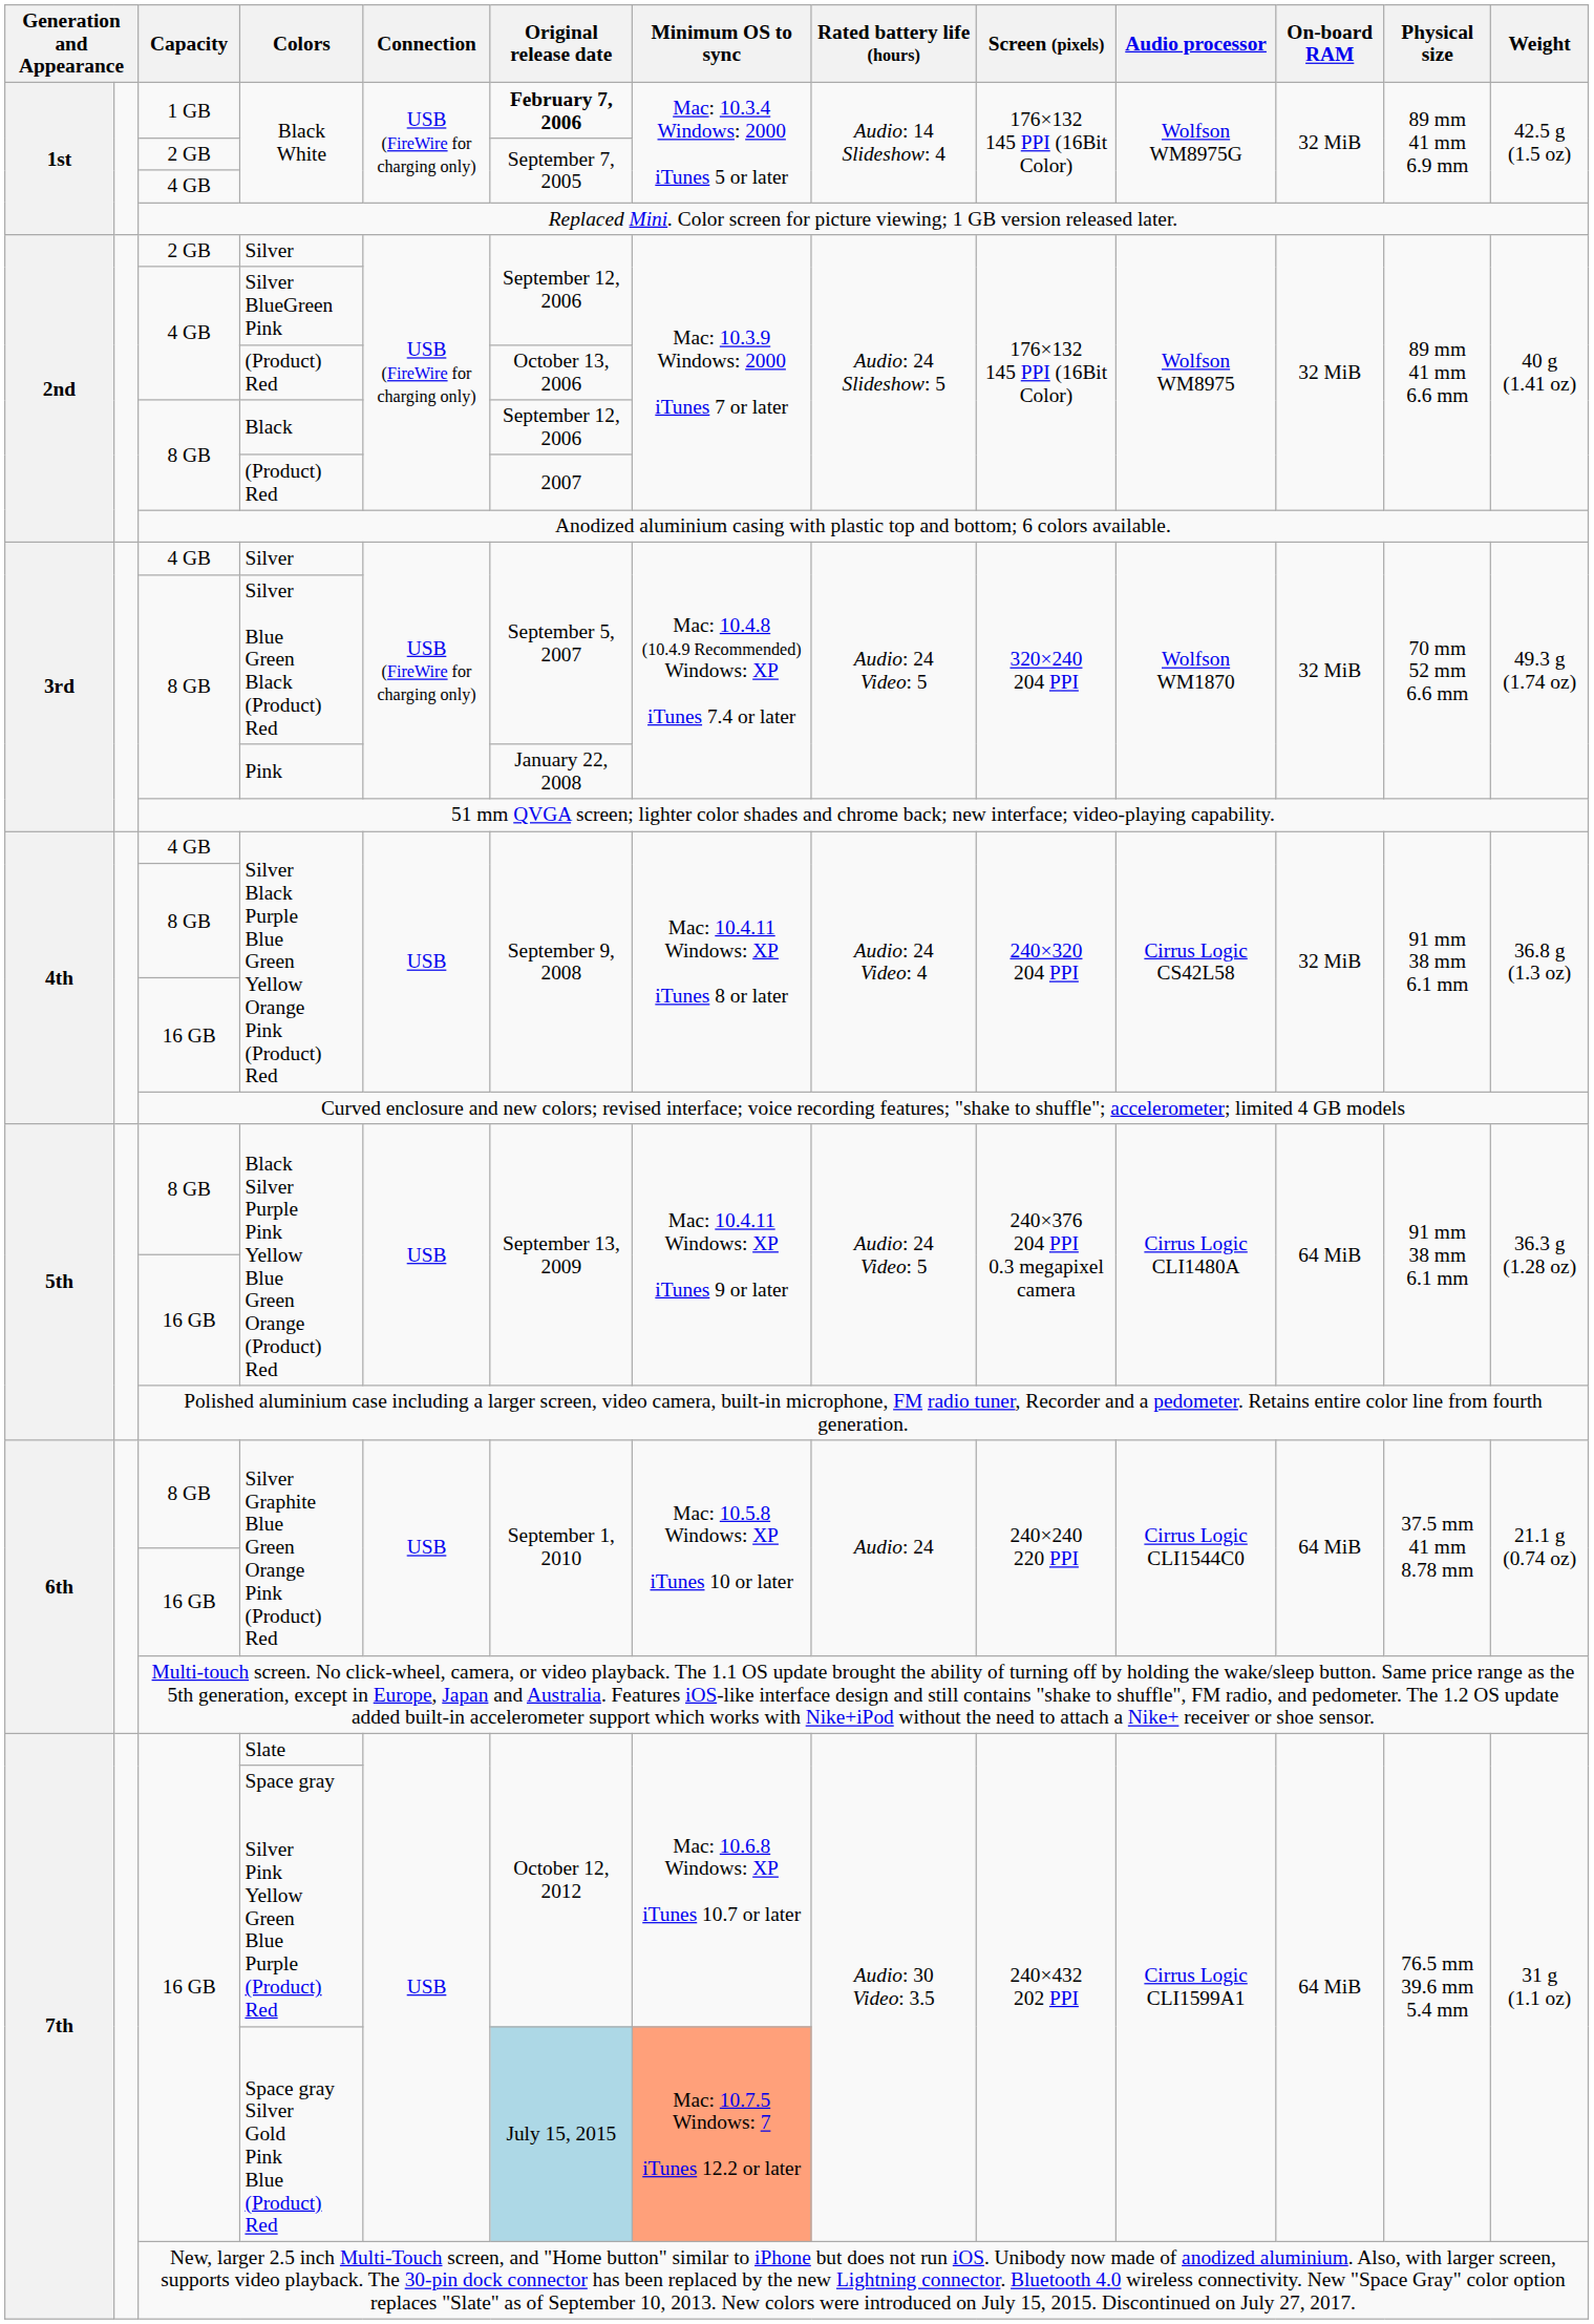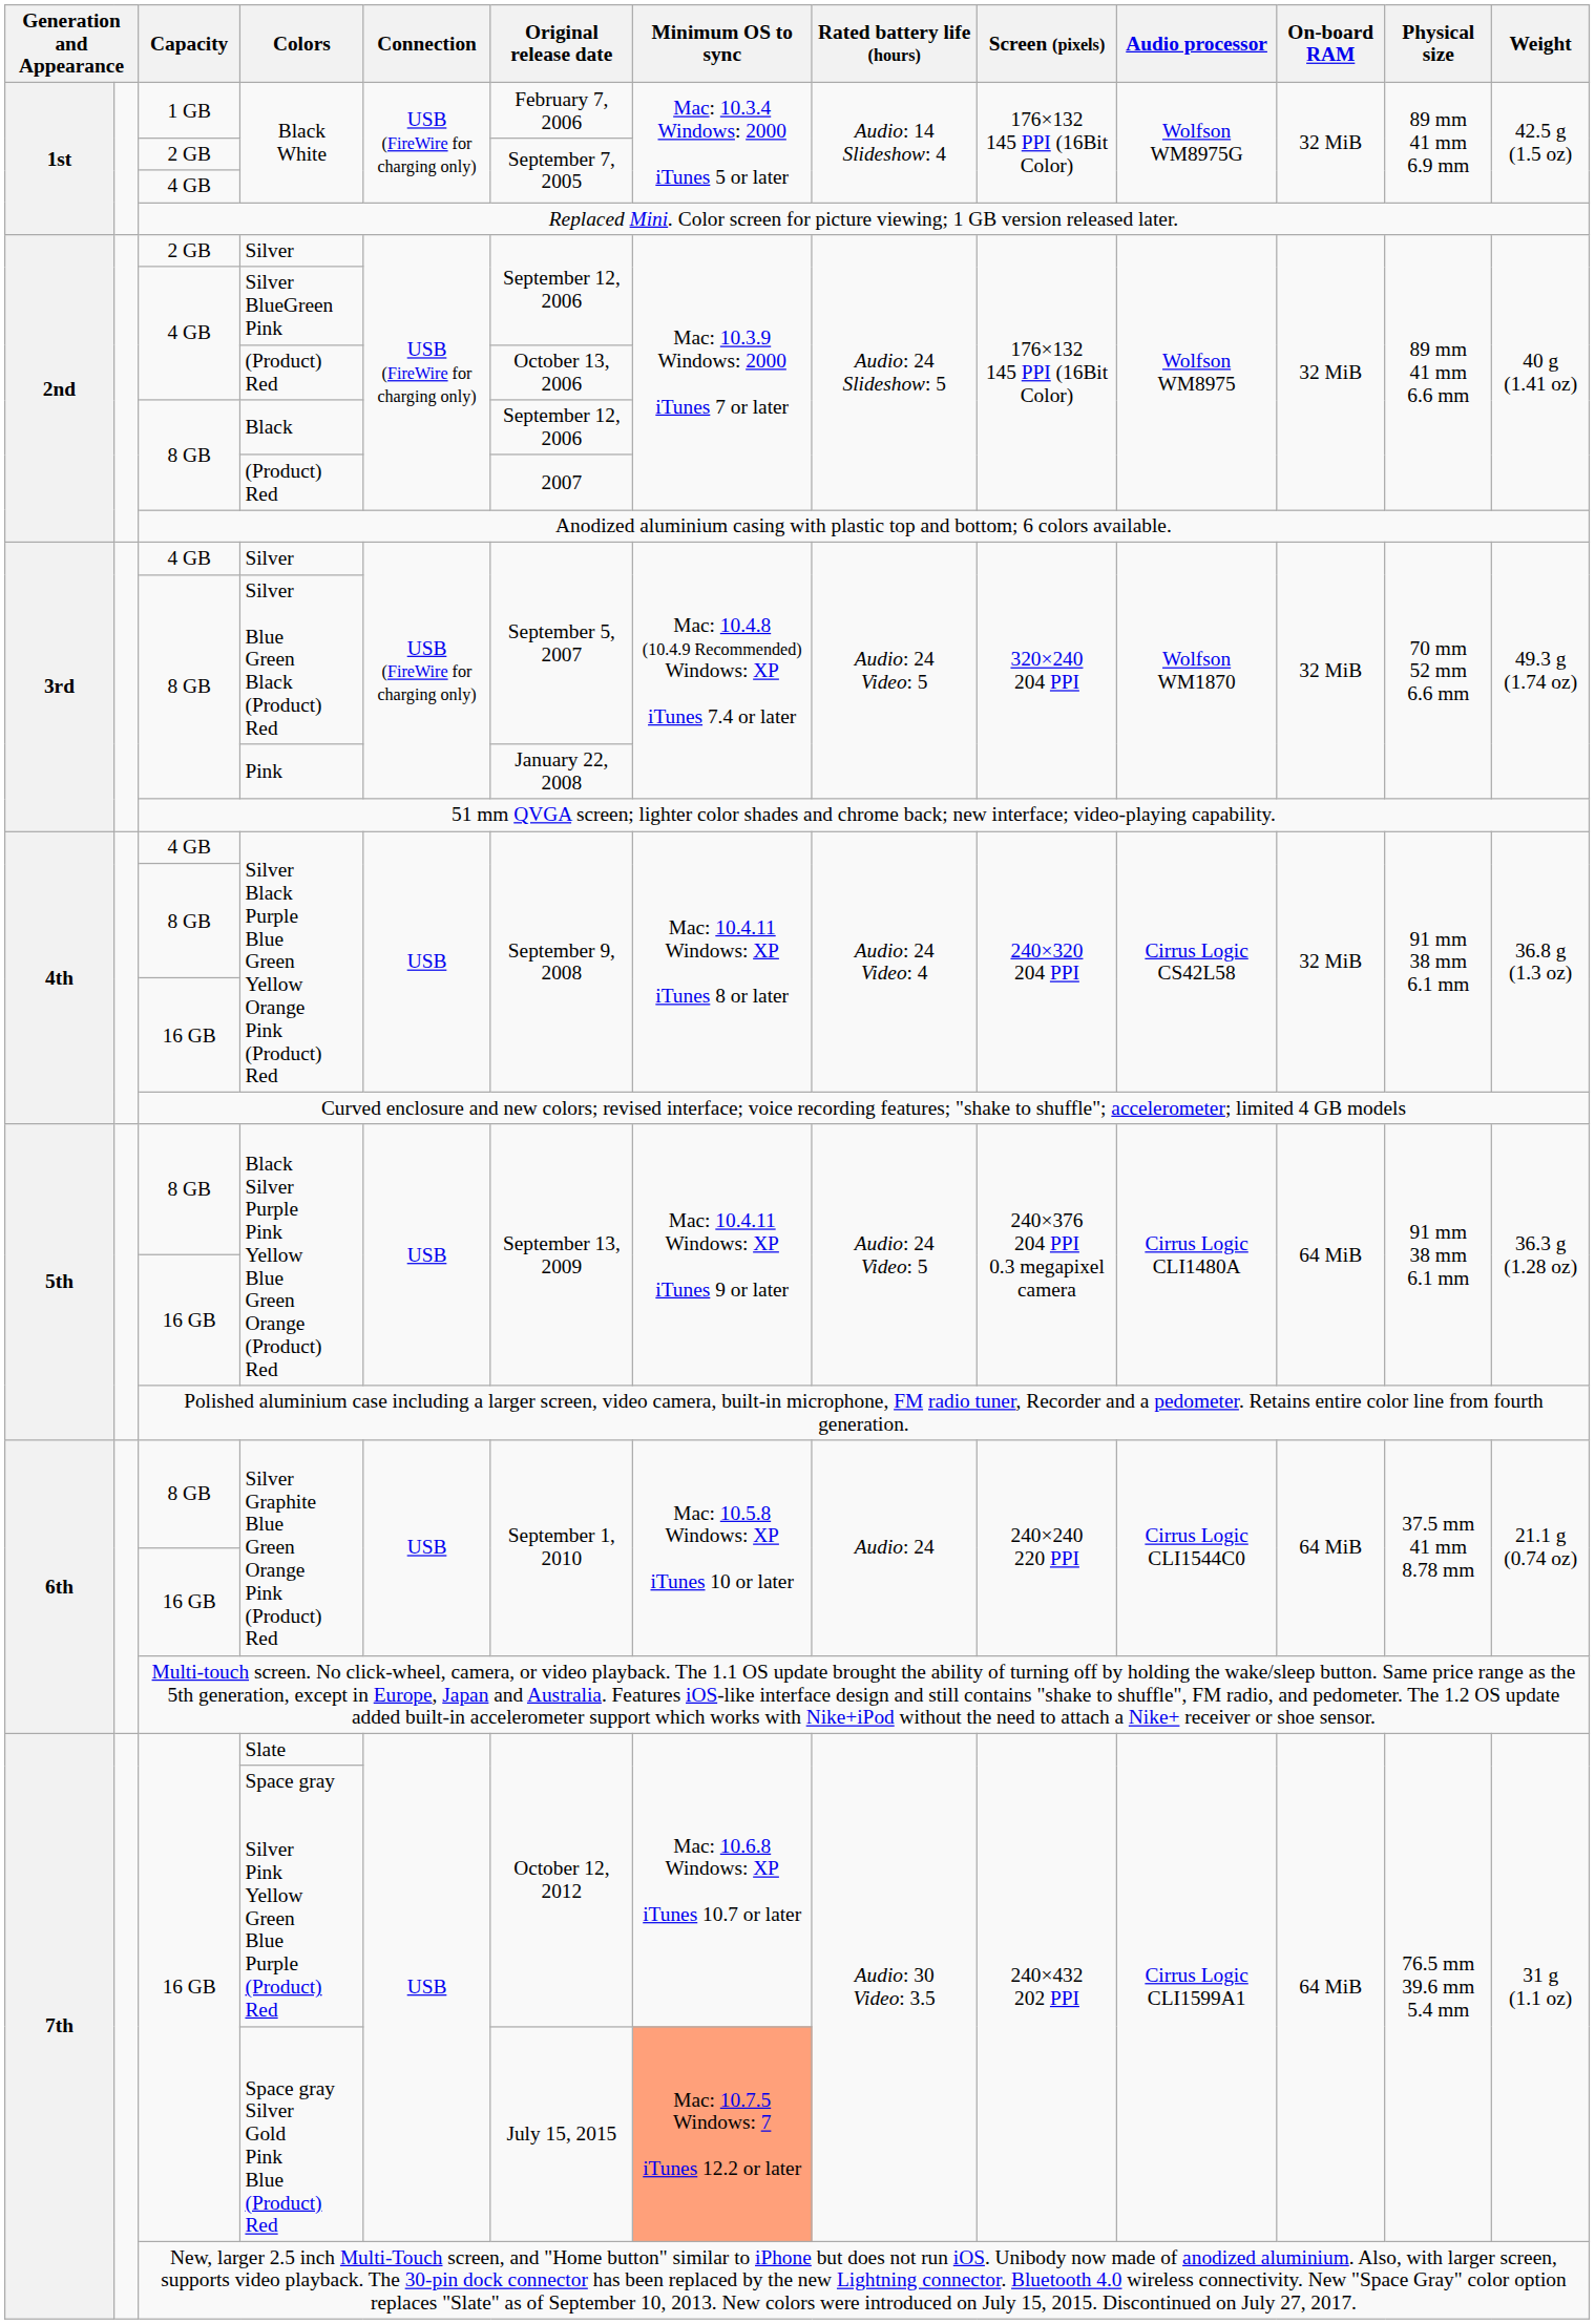 <table class="wikitable" style="text-align:center">
 <tr>
 <th colspan="2">Generation and Appearance</th>
 <th>Capacity</th>
 <th>Colors</th>
 <th>Connection</th>
 <th>Original release date<br></th>
 <th>Minimum OS to sync</th>
 <th>Rated battery life <small>(hours)</small></th>
 <th>Screen <small>(pixels)</small></th>
 <th><a href='#'>Audio processor</a></th>
 <th>On-board <a href='#'>RAM</a></th>
 <th>Physical size</th>
 <th>Weight</th>
 </tr>
 <tr>
 <th rowspan=4>1st</th>
 <td rowspan="4" style="text-align:center;"></td>
 <td>1 GB</td>
 <td rowspan=3>Black<br>White</td>
 <td rowspan=3><a href='#'>USB</a><br><small>(<a href='#'>FireWire</a> for<br>charging only)</small></td>
-<td><strong>February 7, 2006</strong></td>
+<td>February 7, 2006</td>
 <td rowspan=3><a href='#'>Mac</a>: <a href='#'>10.3.4</a><br><a href='#'>Windows</a>: <a href='#'>2000</a><br><br><a href='#'>iTunes</a> 5 or later</td>
 <td rowspan=3><em>Audio</em>: 14<br><em>Slideshow</em>: 4</td>
 <td rowspan=3>176×132<br> 145 <a href='#'>PPI</a> (16Bit Color)</td>
 <td rowspan=3><a href='#'>Wolfson</a><br> WM8975G</td>
 <td rowspan=3>32 MiB</td>
 <td rowspan=3>89 mm<br>41 mm<br>6.9 mm</td>
 <td rowspan=3>42.5 g<br>(1.5 oz)</td>
 </tr>
 <tr>
 <td>2 GB</td>
 <td rowspan=2>September 7, 2005</td>
 </tr>
 <tr>
 <td>4 GB</td>
 </tr>
 <tr>
 <td colspan=11><em>Replaced <a href='#'>Mini</a>.</em> Color screen for picture viewing; 1 GB version released later.</td>
 </tr>
 <tr>
 <th rowspan=6>2nd</th>
 <td rowspan="6" style="text-align:center;"></td>
 <td>2 GB</td>
 <td style="text-align: left;"> Silver</td>
 <td rowspan=5><a href='#'>USB</a><br><small>(<a href='#'>FireWire</a> for<br>charging only)</small></td>
 <td rowspan=2>September 12, 2006</td>
 <td rowspan=5>Mac: <a href='#'>10.3.9</a><br>Windows: <a href='#'>2000</a><br><br><a href='#'>iTunes</a> 7 or later</td>
 <td rowspan=5><em>Audio</em>: 24<br><em>Slideshow</em>: 5</td>
 <td rowspan=5>176×132<br> 145 <a href='#'>PPI</a> (16Bit Color)</td>
 <td rowspan=5><a href='#'>Wolfson</a><br> WM8975</td>
 <td rowspan=5>32 MiB</td>
 <td rowspan=5>89 mm<br>41 mm<br>6.6 mm</td>
 <td rowspan=5>40 g<br>(1.41 oz)</td>
 </tr>
 <tr>
 <td rowspan=2>4 GB</td>
 <td style="text-align: left;"> Silver<br> BlueGreen<br> Pink<br></td>
 </tr>
 <tr>
 <td style="text-align: left;"> (Product) Red </td>
 <td>October 13, 2006</td>
 </tr>
 <tr>
 <td rowspan=2>8 GB</td>
 <td style="text-align: left;"> Black</td>
 <td>September 12, 2006</td>
 </tr>
 <tr>
 <td style="text-align: left;"> (Product) Red </td>
 <td>2007</td>
 </tr>
 <tr>
 <td colspan="11">Anodized aluminium casing with plastic top and bottom; 6 colors available.</td>
 </tr>
 <tr>
 <th rowspan=4>3rd</th>
 <td rowspan="4" style="text-align:center;"></td>
 <td>4 GB</td>
 <td style="text-align: left;"> Silver</td>
 <td rowspan=3><a href='#'>USB</a><br><small>(<a href='#'>FireWire</a> for<br>charging only)</small></td>
 <td rowspan=2>September 5, 2007</td>
 <td rowspan=3>Mac: <a href='#'>10.4.8</a><br><small>(10.4.9 Recommended)</small><br>Windows: <a href='#'>XP</a><br><br><a href='#'>iTunes</a> 7.4 or later</td>
 <td rowspan=3><em>Audio</em>: 24<br><em>Video</em>: 5</td>
 <td rowspan=3><a href='#'>320×240</a><br> 204 <a href='#'>PPI</a></td>
 <td rowspan=3><a href='#'>Wolfson</a><br> WM1870</td>
 <td rowspan=3>32 MiB</td>
 <td rowspan=3>70 mm<br>52 mm<br>6.6 mm</td>
 <td rowspan=3>49.3 g<br>(1.74 oz)</td>
 </tr>
 <tr>
 <td rowspan=2>8 GB</td>
 <td style="text-align: left;"> Silver<br><br> Blue<br>  Green<br>  Black<br>  (Product) Red </td>
 </tr>
 <tr>
 <td style="text-align: left;"> Pink</td>
 <td>January 22, 2008</td>
 </tr>
 <tr>
 <td colspan="11">51 mm <a href='#'>QVGA</a> screen; lighter color shades and chrome back; new interface; video-playing capability.</td>
 </tr>
 <tr>
 <th rowspan=4>4th</th>
 <td rowspan="4" style="text-align:center;"></td>
 <td style="height: 1px">4 GB</td>
 <td rowspan=3 style="text-align: left;"><br> Silver<br>  Black<br>  Purple<br>  Blue<br>  Green<br>  Yellow<br>  Orange<br>  Pink<br>  (Product) Red </td>
 <td rowspan=3><a href='#'>USB</a></td>
 <td rowspan=3>September 9, 2008</td>
 <td rowspan=3>Mac: <a href='#'>10.4.11</a><br>Windows: <a href='#'>XP</a><br><br><a href='#'>iTunes</a> 8 or later</td>
 <td rowspan=3><em>Audio</em>: 24<br><em>Video</em>: 4</td>
 <td rowspan=3><a href='#'>240×320</a><br>204 <a href='#'>PPI</a></td>
 <td rowspan=3><a href='#'>Cirrus Logic</a> CS42L58</td>
 <td rowspan=3>32 MiB</td>
 <td rowspan=3>91 mm<br>38 mm<br>6.1 mm</td>
 <td rowspan=3>36.8 g<br>(1.3 oz)</td>
 </tr>
 <tr>
 <td>8 GB</td>
 </tr>
 <tr>
 <td>16 GB</td>
 </tr>
 <tr>
 <td colspan="11">Curved enclosure and new colors; revised interface; voice recording features; "shake to shuffle"; <a href='#'>accelerometer</a>; limited 4 GB models</td>
 </tr>
 <tr>
 <th rowspan=3>5th</th>
 <td rowspan="3" style="text-align:center;"></td>
 <td>8 GB</td>
 <td rowspan=2 style="text-align: left;"><br> Black<br>  Silver<br>  Purple<br>  Pink<br>  Yellow<br>  Blue<br>  Green<br>  Orange<br>  (Product) Red </td>
 <td rowspan=2><a href='#'>USB</a></td>
 <td rowspan=2>September 13, 2009</td>
 <td rowspan=2>Mac: <a href='#'>10.4.11</a><br>Windows: <a href='#'>XP</a><br><br><a href='#'>iTunes</a> 9 or later</td>
 <td rowspan=2><em>Audio</em>: 24<br><em>Video</em>: 5</td>
 <td rowspan=2>240×376<br>204 <a href='#'>PPI</a><br>0.3 megapixel camera</td>
 <td rowspan=2><a href='#'>Cirrus Logic</a> CLI1480A</td>
 <td rowspan=2>64 MiB</td>
 <td rowspan=2>91 mm<br>38 mm<br>6.1 mm</td>
 <td rowspan=2>36.3 g<br>(1.28 oz)</td>
 </tr>
 <tr>
 <td>16 GB</td>
 </tr>
 <tr>
 <td colspan="11">Polished aluminium case including a larger screen, video camera, built-in microphone, <a href='#'>FM</a> <a href='#'>radio tuner</a>, Recorder and a <a href='#'>pedometer</a>. Retains entire color line from fourth generation.</td>
 </tr>
 <tr>
 <th rowspan=3>6th</th>
 <td rowspan="3" style="text-align:center;"></td>
 <td>8 GB</td>
 <td style="text-align: left" rowspan=2><br> Silver<br>  Graphite<br>  Blue<br>  Green<br>  Orange<br>  Pink<br>  (Product) Red </td>
 <td rowspan=2><a href='#'>USB</a></td>
 <td rowspan=2>September 1, 2010</td>
 <td rowspan=2>Mac: <a href='#'>10.5.8</a><br>Windows: <a href='#'>XP</a><br><br><a href='#'>iTunes</a> 10 or later</td>
 <td rowspan=2><em>Audio</em>: 24</td>
 <td rowspan=2>240×240<br>220 <a href='#'>PPI</a></td>
 <td rowspan=2><a href='#'>Cirrus Logic</a> CLI1544C0</td>
 <td rowspan=2>64 MiB</td>
 <td rowspan=2>37.5 mm<br>41 mm<br>8.78 mm</td>
 <td rowspan=2>21.1 g<br>(0.74 oz)</td>
 </tr>
 <tr>
 <td>16 GB</td>
 </tr>
 <tr>
 <td colspan="11"><a href='#'>Multi-touch</a> screen. No click-wheel, camera, or video playback. The 1.1 OS update brought the ability of turning off by holding the wake/sleep button. Same price range as the 5th generation, except in <a href='#'>Europe</a>, <a href='#'>Japan</a> and <a href='#'>Australia</a>. Features <a href='#'>iOS</a>-like interface design and still contains "shake to shuffle", FM radio, and pedometer. The 1.2 OS update added built-in accelerometer support which works with <a href='#'>Nike+iPod</a> without the need to attach a <a href='#'>Nike+</a> receiver or shoe sensor.</td>
 </tr>
 <tr>
 <th rowspan=4>7th</th>
 <td rowspan="4" style="text-align: center;"></td>
 <td rowspan=3>16 GB</td>
 <td style="text-align: left;"> Slate<small> </small></td>
 <td rowspan=3><a href='#'>USB</a></td>
 <td rowspan=2>October 12, 2012</td>
 <td rowspan=2>Mac: <a href='#'>10.6.8</a><br>Windows: <a href='#'>XP</a><br><br><a href='#'>iTunes</a> 10.7 or later</td>
 <td rowspan=3><em>Audio</em>: 30<br><em>Video</em>: 3.5</td>
 <td rowspan=3>240×432<br>202 <a href='#'>PPI</a></td>
 <td rowspan=3><a href='#'>Cirrus Logic</a> CLI1599A1</td>
 <td rowspan=3>64 MiB</td>
 <td rowspan=3>76.5 mm<br>39.6 mm<br>5.4 mm</td>
 <td rowspan=3>31 g<br>(1.1 oz)</td>
 </tr>
 <tr>
 <td style="text-align: left"> Space gray <small> </small><br><br><small></small><br>  Silver<br>  Pink<br>  Yellow<br>  Green<br>  Blue<br>  Purple<br>  <a href='#'>(Product) Red</a> </td>
 </tr>
 <tr>
 <td style="text-align: left"><small></small><br><br> Space gray<br>  Silver<br>  Gold<br>  Pink<br>  Blue<br>  <a href='#'>(Product) Red</a> </td>
-<td style="background: lightblue;">July 15, 2015</td>
+<td>July 15, 2015</td>
 <td style="background: lightsalmon;">Mac: <a href='#'>10.7.5</a><br>Windows: <a href='#'>7</a><br><br><a href='#'>iTunes</a> 12.2 or later</td>
 </tr>
 <tr>
 <td colspan="11">New, larger 2.5 inch <a href='#'>Multi-Touch</a> screen, and "Home button" similar to <a href='#'>iPhone</a> but does not run <a href='#'>iOS</a>. Unibody now made of <a href='#'>anodized aluminium</a>. Also, with larger screen, supports video playback.  The <a href='#'>30-pin dock connector</a> has been replaced by the new <a href='#'>Lightning connector</a>. <a href='#'>Bluetooth 4.0</a> wireless connectivity. New "Space Gray" color option replaces "Slate" as of September 10, 2013. New colors were introduced on July 15, 2015. Discontinued on July 27, 2017.</td>
 </tr>
 </table>
